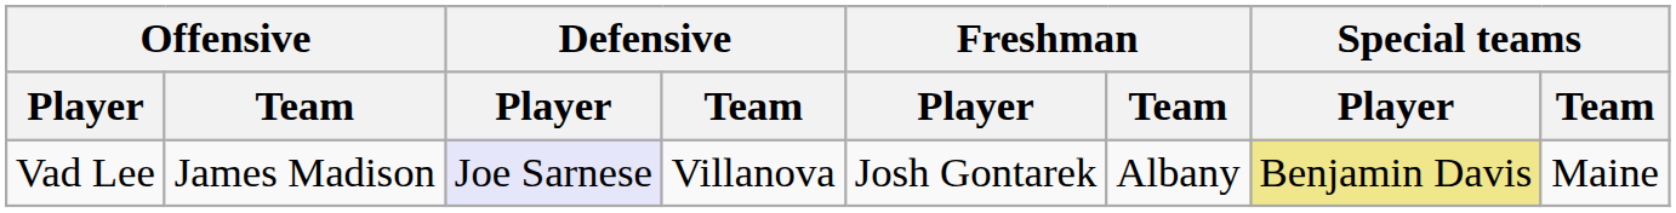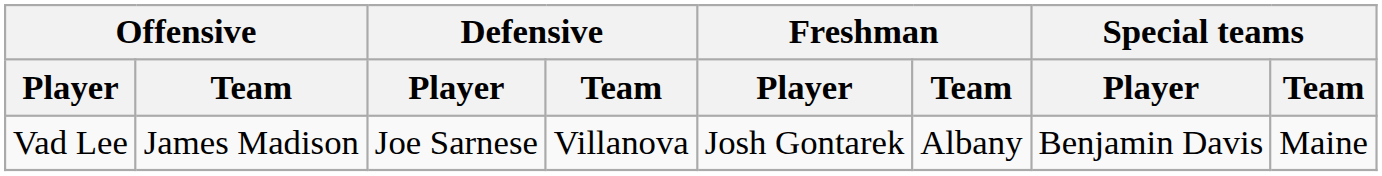 <table class="wikitable" border="1">
 <tr>
 <th colspan="2">Offensive</th>
 <th colspan="2">Defensive</th>
 <th colspan="2">Freshman</th>
 <th colspan="2">Special teams</th>
 </tr>
 <tr>
 <th>Player</th>
 <th>Team</th>
 <th>Player</th>
 <th>Team</th>
 <th>Player</th>
 <th>Team</th>
 <th>Player</th>
 <th>Team</th>
 </tr>
 <tr>
 <td>Vad Lee</td>
 <td>James Madison</td>
-<td style="background: lavender;">Joe Sarnese</td>
+<td>Joe Sarnese</td>
 <td>Villanova</td>
 <td>Josh Gontarek</td>
 <td>Albany</td>
-<td style="background: khaki;">Benjamin Davis</td>
+<td>Benjamin Davis</td>
 <td>Maine</td>
 </tr>
 </table>
